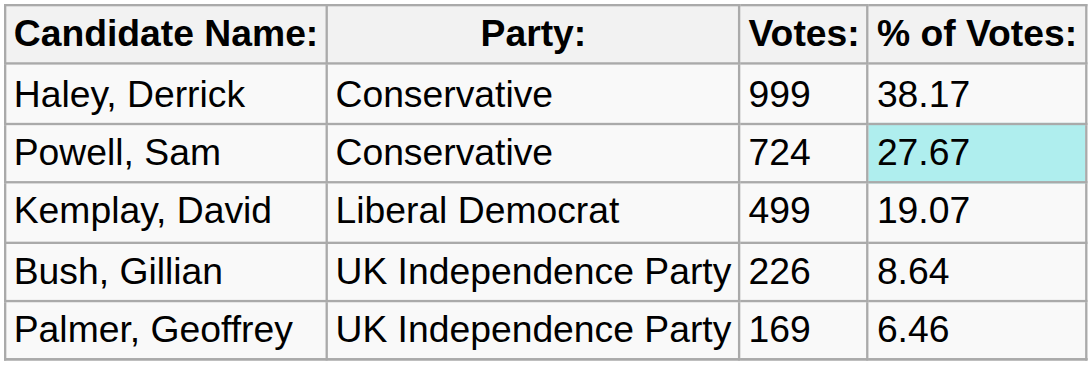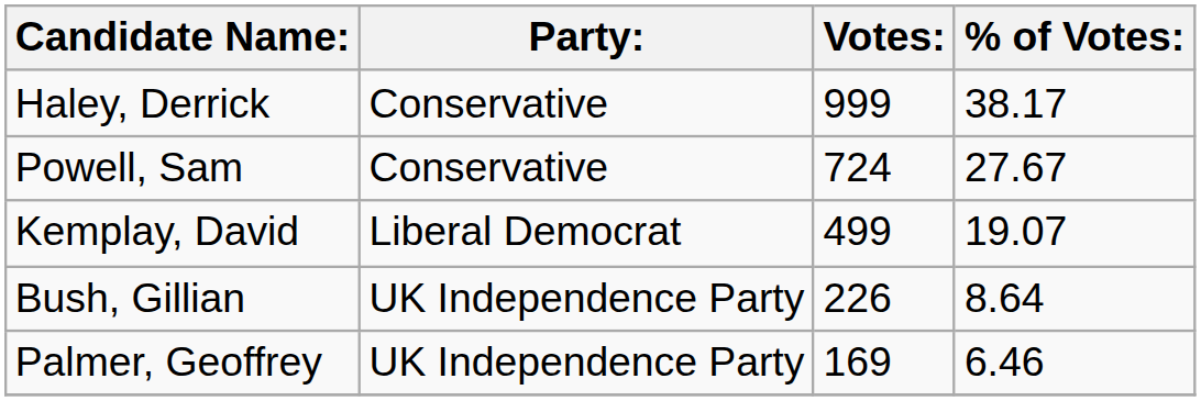 <table class="wikitable">
 <tr>
 <th>Candidate Name:</th>
 <th>Party:</th>
 <th>Votes:</th>
 <th>% of Votes:</th>
 </tr>
 <tr>
 <td>Haley, Derrick</td>
 <td>Conservative</td>
 <td>999</td>
 <td>38.17</td>
 </tr>
 <tr>
 <td>Powell, Sam</td>
 <td>Conservative</td>
 <td>724</td>
-<td style="background: paleturquoise;">27.67</td>
+<td>27.67</td>
 </tr>
 <tr>
 <td>Kemplay, David</td>
 <td>Liberal Democrat</td>
 <td>499</td>
 <td>19.07</td>
 </tr>
 <tr>
 <td>Bush, Gillian</td>
 <td>UK Independence Party</td>
 <td>226</td>
 <td>8.64</td>
 </tr>
 <tr>
 <td>Palmer, Geoffrey</td>
 <td>UK Independence Party</td>
 <td>169</td>
 <td>6.46</td>
 </tr>
 <tr>
 </tr>
 </table>
